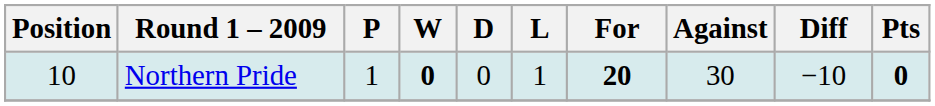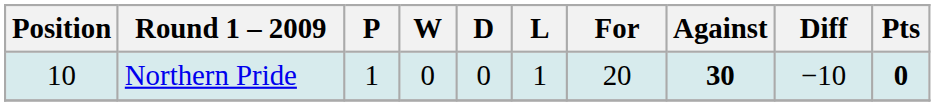 <table class="wikitable" style="text-align:center; font-size:85%;">
 <tr>
 <th width=40 abbr="Position">Position</th>
 <th width=100>Round 1 – 2009</th>
 <th width=20 abbr="Played">P</th>
 <th width=20 abbr="Won">W</th>
 <th width=20 abbr="Drawn">D</th>
 <th width=20 abbr="Lost">L</th>
 <th width=40 abbr="Points for">For</th>
 <th width=40 abbr="Points against">Against</th>
 <th width=40 abbr="Points difference">Diff</th>
 <th width=20 abbr="Points">Pts</th>
 </tr>
 <tr style="background: #d7ebed;">
 <td>10</td>
 <td style="text-align:left;"> <a href='#'>Northern Pride</a></td>
 <td>1</td>
-<td><strong>0</strong></td>
+<td>0</td>
 <td>0</td>
 <td>1</td>
-<td><strong>20</strong></td>
-<td>30</td>
+<td>20</td>
+<td><strong>30</strong></td>
 <td>−10</td>
 <td><strong>0</strong></td>
 </tr>
 <tr>
 </tr>
 </table>
